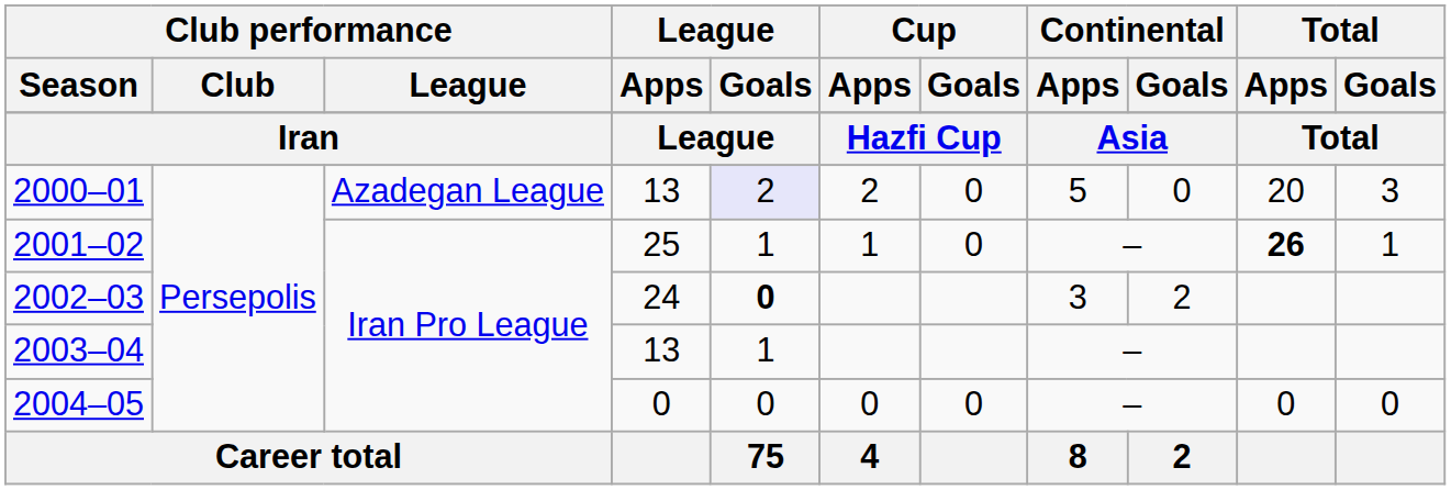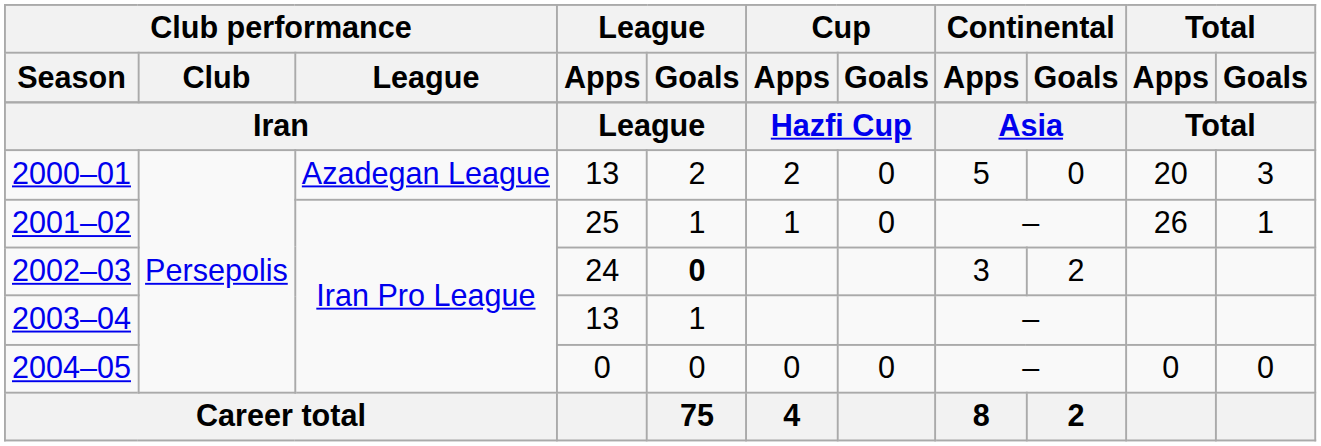 <table class="wikitable" style="text-align:center">
 <tr>
 <th colspan=3>Club performance</th>
 <th colspan=2>League</th>
 <th colspan=2>Cup</th>
 <th colspan=2>Continental</th>
 <th colspan=2>Total</th>
 </tr>
 <tr>
 <th>Season</th>
 <th>Club</th>
 <th>League</th>
 <th>Apps</th>
 <th>Goals</th>
 <th>Apps</th>
 <th>Goals</th>
 <th>Apps</th>
 <th>Goals</th>
 <th>Apps</th>
 <th>Goals</th>
 </tr>
 <tr>
 </tr>
 <tr>
 <th colspan=3>Iran</th>
 <th colspan=2>League</th>
 <th colspan=2><a href='#'>Hazfi Cup</a></th>
 <th colspan=2><a href='#'>Asia</a></th>
 <th colspan=2>Total</th>
 </tr>
 <tr>
 <td><a href='#'>2000–01</a></td>
 <td rowspan="5"><a href='#'>Persepolis</a></td>
 <td><a href='#'>Azadegan League</a></td>
 <td>13</td>
-<td style="background: lavender;">2</td>
+<td>2</td>
 <td>2</td>
 <td>0</td>
 <td>5</td>
 <td>0</td>
 <td>20</td>
 <td>3</td>
 </tr>
 <tr>
 <td><a href='#'>2001–02</a></td>
 <td rowspan="4"><a href='#'>Iran Pro League</a></td>
 <td>25</td>
 <td>1</td>
 <td>1</td>
 <td>0</td>
 <td colspan="2">–</td>
-<td><strong>26</strong></td>
+<td>26</td>
 <td>1</td>
 </tr>
 <tr>
 <td><a href='#'>2002–03</a></td>
 <td>24</td>
 <td><strong>0</strong></td>
 <td></td>
 <td></td>
 <td>3</td>
 <td>2</td>
 <td></td>
 <td></td>
 </tr>
 <tr>
 <td><a href='#'>2003–04</a></td>
 <td>13</td>
 <td>1</td>
 <td></td>
 <td></td>
 <td colspan="2">–</td>
 <td></td>
 <td></td>
 </tr>
 <tr>
 <td><a href='#'>2004–05</a></td>
 <td>0</td>
 <td>0</td>
 <td>0</td>
 <td>0</td>
 <td colspan="2">–</td>
 <td>0</td>
 <td>0</td>
 </tr>
 <tr>
 <th colspan=3>Career total</th>
 <th></th>
 <th>75</th>
 <th>4</th>
 <th></th>
 <th>8</th>
 <th>2</th>
 <th></th>
 <th></th>
 </tr>
 </table>
